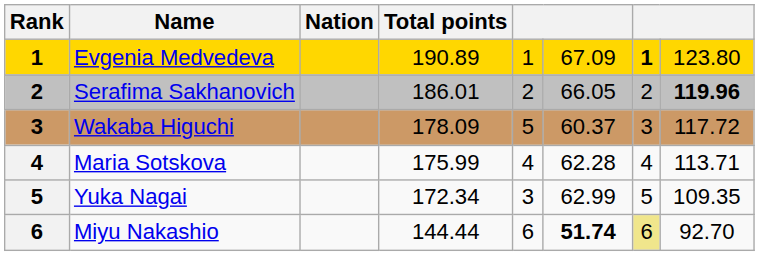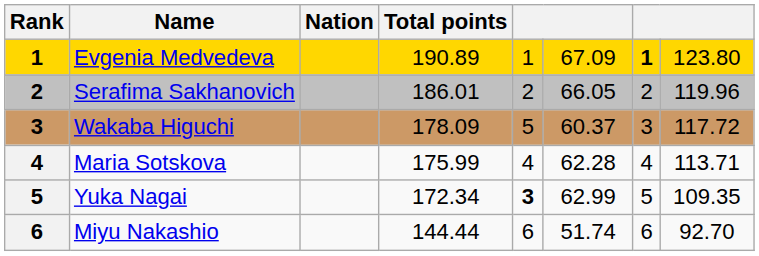 <table class="wikitable sortable">
 <tr>
 <th>Rank</th>
 <th>Name</th>
 <th>Nation</th>
 <th>Total points</th>
 <th colspan="2" width="80px"></th>
 <th colspan="2" width="80px"></th>
 </tr>
 <tr bgcolor="gold">
 <td align="center"><strong>1</strong></td>
 <td><a href='#'>Evgenia Medvedeva</a></td>
 <td></td>
 <td align="center">190.89</td>
 <td align="center">1</td>
 <td align="center">67.09</td>
 <td align="center"><strong>1</strong></td>
 <td align="center">123.80</td>
 </tr>
 <tr bgcolor="silver">
 <td align="center"><strong>2</strong></td>
 <td><a href='#'>Serafima Sakhanovich</a></td>
 <td></td>
 <td align="center">186.01</td>
 <td align="center">2</td>
 <td align="center">66.05</td>
 <td align="center">2</td>
-<td align="center"><strong>119.96</strong></td>
+<td align="center">119.96</td>
 </tr>
 <tr bgcolor="cc9966">
 <td align="center"><strong>3</strong></td>
 <td><a href='#'>Wakaba Higuchi</a></td>
 <td></td>
 <td align="center">178.09</td>
 <td align="center">5</td>
 <td align="center">60.37</td>
 <td align="center">3</td>
 <td align="center">117.72</td>
 </tr>
 <tr>
 <th>4</th>
 <td><a href='#'>Maria Sotskova</a></td>
 <td></td>
 <td align="center">175.99</td>
 <td align="center">4</td>
 <td align="center">62.28</td>
 <td align="center">4</td>
 <td align="center">113.71</td>
 </tr>
 <tr>
 <th>5</th>
 <td><a href='#'>Yuka Nagai</a></td>
 <td></td>
 <td align="center">172.34</td>
-<td align="center">3</td>
+<td align="center"><strong>3</strong></td>
 <td align="center">62.99</td>
 <td align="center">5</td>
 <td align="center">109.35</td>
 </tr>
 <tr>
 <th>6</th>
 <td><a href='#'>Miyu Nakashio</a></td>
 <td></td>
 <td align="center">144.44</td>
 <td align="center">6</td>
-<td align="center"><strong>51.74</strong></td>
-<td align="center" style="background: khaki;">6</td>
+<td align="center">51.74</td>
+<td align="center">6</td>
 <td align="center">92.70</td>
 </tr>
 </table>
